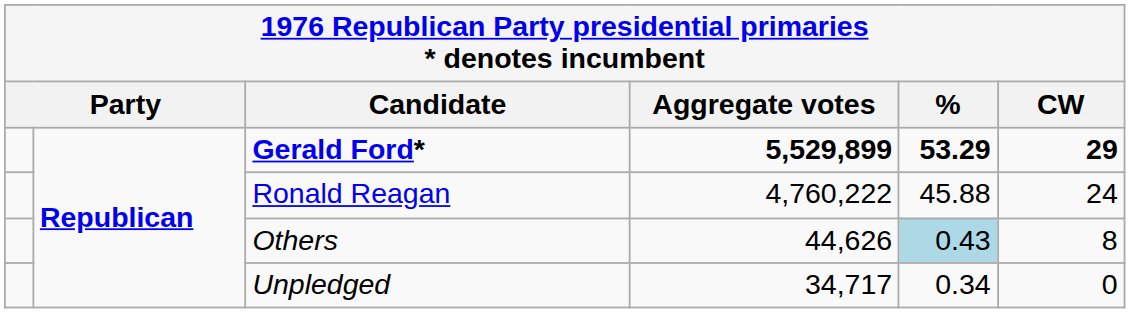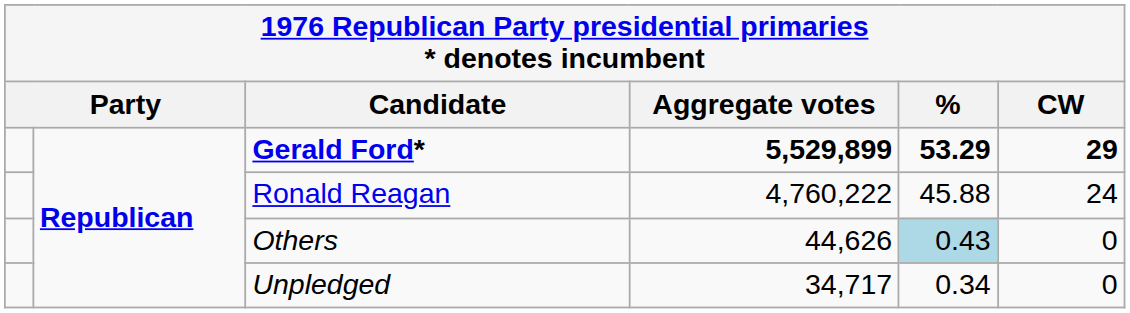 <table class="wikitable">
 <tr>
 <th colspan=6 style="background:#f5f5f5"><a href='#'>1976 Republican Party presidential primaries</a><br>* denotes incumbent</th>
 </tr>
 <tr>
 <th style="width: 8em;" colspan=2>Party</th>
 <th>Candidate</th>
 <th>Aggregate votes</th>
 <th>%</th>
 <th><abbr>CW</abbr></th>
 </tr>
 <tr>
 <td style="background-color: "></td>
 <td style="width: 7em;" rowspan=4><strong><a href='#'>Republican</a></strong></td>
 <td style="width: 13em;"><strong><a href='#'>Gerald Ford</a>*</strong></td>
 <td style="width: 9em; text-align:right"><strong>5,529,899</strong></td>
 <td style="width: 3em; text-align:right"><strong>53.29</strong></td>
 <td style="width: 4em; text-align:right"><strong>29</strong></td>
 </tr>
 <tr>
 <td style="background-color: "></td>
 <td><a href='#'>Ronald Reagan</a></td>
 <td style="text-align:right">4,760,222</td>
 <td style="text-align:right">45.88</td>
 <td style="text-align:right">24</td>
 </tr>
 <tr>
 <td style="background-color: "></td>
 <td><em>Others</em></td>
 <td style="text-align:right">44,626</td>
 <td style="background: lightblue; text-align:right">0.43</td>
-<td style="text-align:right">8</td>
+<td style="text-align:right">0</td>
 </tr>
 <tr>
 <td style="background-color: "></td>
 <td><em>Unpledged</em></td>
 <td style="text-align:right">34,717</td>
 <td style="text-align:right">0.34</td>
 <td style="text-align:right">0</td>
 </tr>
 </table>
